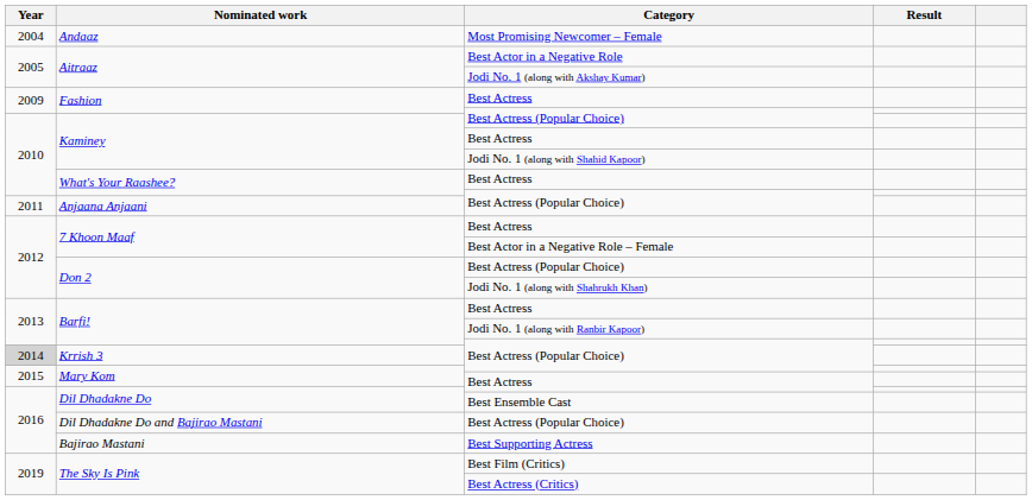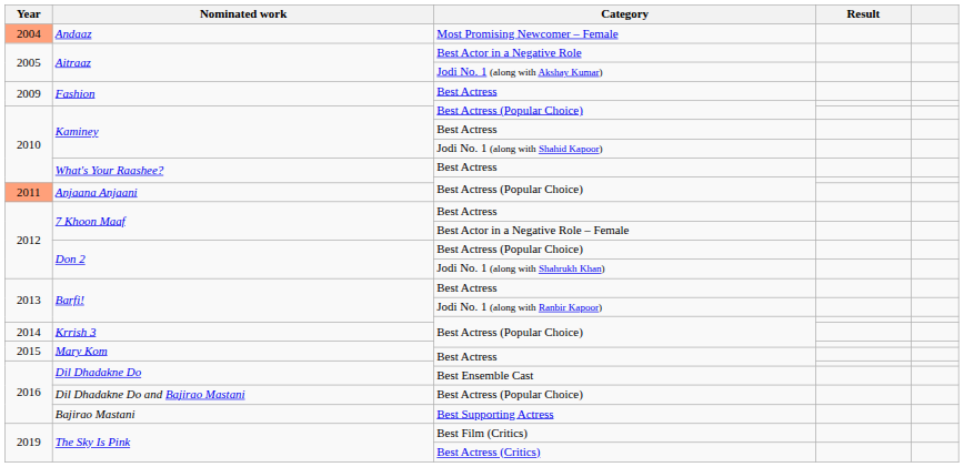 <table class="wikitable sortable" width=100%>
 <tr>
 <th width=5%>Year</th>
 <th width=40%>Nominated work</th>
 <th width=40%>Category</th>
 <th width=10%>Result</th>
 <th width=5%></th>
 </tr>
 <tr>
-<td rowspan="1" style="text-align:center;">2004</td>
+<td rowspan="1" style="background: lightsalmon; text-align:center;">2004</td>
 <td rowspan="1" style="text-align:left;"><em><a href='#'>Andaaz</a></em></td>
 <td><a href='#'>Most Promising Newcomer – Female</a></td>
 <td></td>
 <td style="text-align:center;"></td>
 </tr>
 <tr>
 <td rowspan="2" style="text-align:center;">2005</td>
 <td rowspan="2" style="text-align:left;"><em><a href='#'>Aitraaz</a></em></td>
 <td><a href='#'>Best Actor in a Negative Role</a></td>
 <td></td>
 <td style="text-align:center;"></td>
 </tr>
 <tr>
 <td><a href='#'>Jodi No. 1</a> <small>(along with <a href='#'>Akshay Kumar</a>)</small></td>
 <td></td>
 <td style="text-align:center;"></td>
 </tr>
 <tr>
 <td rowspan="2" style="text-align:center;">2009</td>
 <td rowspan="2" style="text-align:left;"><em><a href='#'>Fashion</a></em></td>
 <td><a href='#'>Best Actress</a></td>
 <td></td>
 <td style="text-align:center;"></td>
 </tr>
 <tr>
 <td rowspan="2"><a href='#'>Best Actress (Popular Choice)</a></td>
 <td></td>
 <td style="text-align:center;"></td>
 </tr>
 <tr>
 <td rowspan="5" style="text-align:center;">2010</td>
 <td rowspan="3" style="text-align:left;"><em><a href='#'>Kaminey</a></em></td>
 <td></td>
 <td style="text-align:center;"></td>
 </tr>
 <tr>
 <td>Best Actress</td>
 <td></td>
 <td style="text-align:center;"></td>
 </tr>
 <tr>
 <td>Jodi No. 1 <small>(along with <a href='#'>Shahid Kapoor</a>)</small></td>
 <td></td>
 <td style="text-align:center;"></td>
 </tr>
 <tr>
 <td rowspan="2" style="text-align:left;"><em><a href='#'>What's Your Raashee?</a></em></td>
 <td>Best Actress</td>
 <td></td>
 <td style="text-align:center;"></td>
 </tr>
 <tr>
 <td rowspan="2">Best Actress (Popular Choice)</td>
 <td></td>
 <td style="text-align:center;"></td>
 </tr>
 <tr>
-<td style="text-align:center;">2011</td>
+<td style="background: lightsalmon; text-align:center;">2011</td>
 <td style="text-align:left;"><em><a href='#'>Anjaana Anjaani</a></em></td>
 <td></td>
 <td style="text-align:center;"></td>
 </tr>
 <tr>
 <td rowspan="4" style="text-align:center;">2012</td>
 <td rowspan="2" style="text-align:left;"><em><a href='#'>7 Khoon Maaf</a></em></td>
 <td>Best Actress</td>
 <td></td>
 <td style="text-align:center;"></td>
 </tr>
 <tr>
 <td>Best Actor in a Negative Role – Female</td>
 <td></td>
 <td style="text-align:center;"></td>
 </tr>
 <tr>
 <td rowspan="2" style="text-align:left;"><em><a href='#'>Don 2</a></em></td>
 <td>Best Actress (Popular Choice)</td>
 <td></td>
 <td style="text-align:center;"></td>
 </tr>
 <tr>
 <td>Jodi No. 1 <small>(along with <a href='#'>Shahrukh Khan</a>)</small></td>
 <td></td>
 <td style="text-align:center;"></td>
 </tr>
 <tr>
 <td rowspan="3" style="text-align:center;">2013</td>
 <td rowspan="3" style="text-align:left;"><em><a href='#'>Barfi!</a></em></td>
 <td>Best Actress</td>
 <td></td>
 <td style="text-align:center;"></td>
 </tr>
 <tr>
 <td>Jodi No. 1 <small>(along with <a href='#'>Ranbir Kapoor</a>)</small></td>
 <td></td>
 <td style="text-align:center;"></td>
 </tr>
 <tr>
 <td rowspan="3">Best Actress (Popular Choice)</td>
 <td></td>
 <td style="text-align:center;"></td>
 </tr>
 <tr>
-<td style="background: lightgrey; text-align:center;">2014</td>
+<td style="text-align:center;">2014</td>
 <td style="text-align:left;"><em><a href='#'>Krrish 3</a></em></td>
 <td></td>
 <td style="text-align:center;"></td>
 </tr>
 <tr>
 <td rowspan="2" style="text-align:center;">2015</td>
 <td rowspan="2" style="text-align:left;"><em><a href='#'>Mary Kom</a></em></td>
 <td></td>
 <td style="text-align:center;"></td>
 </tr>
 <tr>
 <td rowspan="2">Best Actress</td>
 <td></td>
 <td style="text-align:center;"></td>
 </tr>
 <tr>
 <td rowspan="4" style="text-align:center;">2016</td>
 <td rowspan="2" style="text-align:left;"><em><a href='#'>Dil Dhadakne Do</a></em></td>
 <td></td>
 <td style="text-align:center;"></td>
 </tr>
 <tr>
 <td>Best Ensemble Cast</td>
 <td></td>
 <td style="text-align:center;"></td>
 </tr>
 <tr>
 <td style="text-align:left;"><em>Dil Dhadakne Do and <a href='#'>Bajirao Mastani</a></em></td>
 <td>Best Actress (Popular Choice)</td>
 <td></td>
 <td style="text-align:center;"></td>
 </tr>
 <tr>
 <td style="text-align:left;"><em>Bajirao Mastani</em></td>
 <td><a href='#'>Best Supporting Actress</a></td>
 <td></td>
 <td style="text-align:center;"></td>
 </tr>
 <tr>
 <td rowspan="2" style="text-align:center;">2019</td>
 <td rowspan="2" style="text-align:left;"><em><a href='#'>The Sky Is Pink</a></em></td>
 <td>Best Film (Critics)</td>
 <td></td>
 <td style="text-align:center;"></td>
 </tr>
 <tr>
 <td><a href='#'>Best Actress (Critics)</a></td>
 <td></td>
 <td style="text-align:center;"></td>
 </tr>
 </table>
